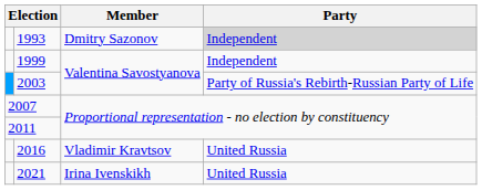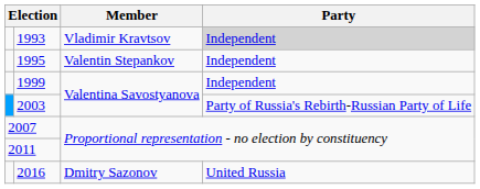 <table class="wikitable">
 <tr>
 <th colspan="2">Election</th>
 <th>Member</th>
 <th>Party</th>
 </tr>
 <tr>
 <td style="background-color:"></td>
 <td><a href='#'>1993</a></td>
-<td><a href='#'>Dmitry Sazonov</a></td>
+<td><a href='#'>Vladimir Kravtsov</a></td>
 <td style="background: lightgrey;"><a href='#'>Independent</a></td>
+</tr>
+<tr>
+<td style="background-color:"></td>
+<td><a href='#'>1995</a></td>
+<td><a href='#'>Valentin Stepankov</a></td>
+<td><a href='#'>Independent</a></td>
 </tr>
 <tr>
 <td style="background-color:"></td>
 <td><a href='#'>1999</a></td>
 <td rowspan=2><a href='#'>Valentina Savostyanova</a></td>
 <td><a href='#'>Independent</a></td>
 </tr>
 <tr>
 <td style="background-color:#00A1FF"></td>
 <td><a href='#'>2003</a></td>
 <td><a href='#'>Party of Russia's Rebirth</a>-<a href='#'>Russian Party of Life</a></td>
 </tr>
 <tr>
 <td colspan=2><a href='#'>2007</a></td>
 <td colspan=2 rowspan=2><em><a href='#'>Proportional representation</a> - no election by constituency</em></td>
 </tr>
 <tr>
 <td colspan=2><a href='#'>2011</a></td>
 </tr>
 <tr>
 <td style="background-color: "></td>
 <td><a href='#'>2016</a></td>
-<td><a href='#'>Vladimir Kravtsov</a></td>
-<td><a href='#'>United Russia</a></td>
-</tr>
-<tr>
-<td style="background-color: "></td>
-<td><a href='#'>2021</a></td>
-<td><a href='#'>Irina Ivenskikh</a></td>
+<td><a href='#'>Dmitry Sazonov</a></td>
 <td><a href='#'>United Russia</a></td>
 </tr>
 </table>
